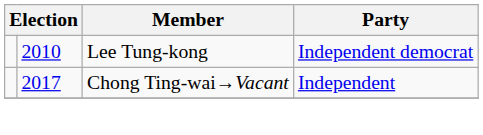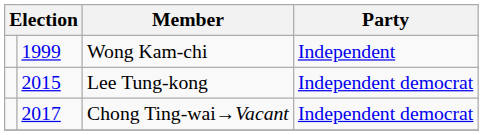 <table class="wikitable">
 <tr>
 <th colspan="2">Election</th>
 <th>Member</th>
 <th>Party</th>
 </tr>
 <tr>
 <td style="background-color:"></td>
-<td><a href='#'>2010</a></td>
+<td><a href='#'>1999</a></td>
+<td>Wong Kam-chi</td>
+<td><a href='#'>Independent</a></td>
+</tr>
+<tr>
+<td style="background-color:"></td>
+<td><a href='#'>2015</a></td>
 <td>Lee Tung-kong</td>
 <td><a href='#'>Independent democrat</a></td>
 </tr>
 <tr>
 <td style="background-color:"></td>
 <td><a href='#'>2017</a></td>
 <td>Chong Ting-wai→<em>Vacant</em></td>
-<td><a href='#'>Independent</a></td>
+<td><a href='#'>Independent democrat</a></td>
 </tr>
 <tr>
 </tr>
 </table>
